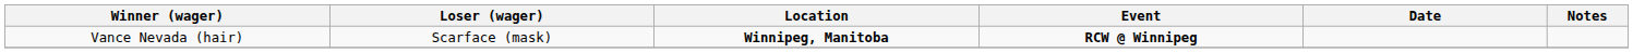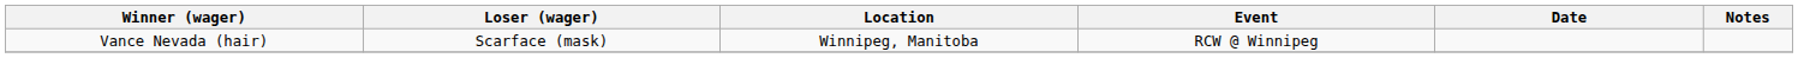 <table class="wikitable sortable" width=100%  style="text-align: center">
 <tr>
 <th width=20% scope="col">Winner (wager)</th>
 <th width=20% scope="col">Loser (wager)</th>
 <th width=20% scope="col">Location</th>
 <th width=20% scope="col">Event</th>
 <th width=15% scope="col">Date</th>
 <th class="unsortable" width=5% scope="col">Notes</th>
 </tr>
 <tr>
 <td>Vance Nevada (hair)</td>
 <td>Scarface (mask)</td>
-<td><strong>Winnipeg, Manitoba</strong></td>
-<td><strong>RCW @ Winnipeg</strong></td>
+<td>Winnipeg, Manitoba</td>
+<td>RCW @ Winnipeg</td>
 <td></td>
 <td></td>
 </tr>
 <tr style="text-align:center;">
 </tr>
 </table>
